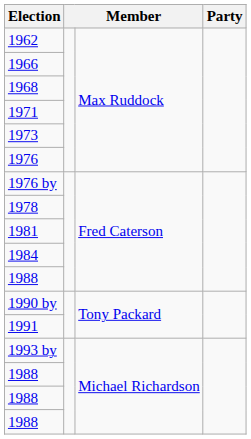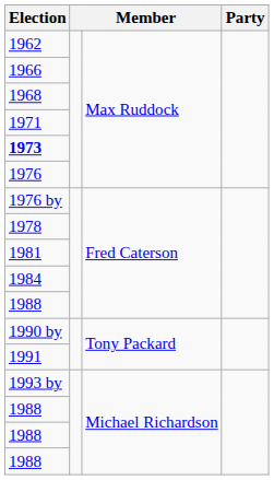 <table class="wikitable">
 <tr>
 <th>Election</th>
 <th colspan="2">Member</th>
 <th>Party</th>
 </tr>
 <tr>
 <td><a href='#'>1962</a></td>
 <td rowspan="6" > </td>
 <td rowspan="6"><a href='#'>Max Ruddock</a></td>
 <td rowspan="6"></td>
 </tr>
 <tr>
 <td><a href='#'>1966</a></td>
 </tr>
 <tr>
 <td><a href='#'>1968</a></td>
 </tr>
 <tr>
 <td><a href='#'>1971</a></td>
 </tr>
 <tr>
-<td><a href='#'>1973</a></td>
+<td><strong><a href='#'>1973</a></strong></td>
 </tr>
 <tr>
 <td><a href='#'>1976</a></td>
 </tr>
 <tr>
 <td><a href='#'>1976 by</a></td>
 <td rowspan="5" > </td>
 <td rowspan="5"><a href='#'>Fred Caterson</a></td>
 <td rowspan="5"></td>
 </tr>
 <tr>
 <td><a href='#'>1978</a></td>
 </tr>
 <tr>
 <td><a href='#'>1981</a></td>
 </tr>
 <tr>
 <td><a href='#'>1984</a></td>
 </tr>
 <tr>
 <td><a href='#'>1988</a></td>
 </tr>
 <tr>
 <td><a href='#'>1990 by</a></td>
 <td rowspan="2" > </td>
 <td rowspan="2"><a href='#'>Tony Packard</a></td>
 <td rowspan="2"></td>
 </tr>
 <tr>
 <td><a href='#'>1991</a></td>
 </tr>
 <tr>
 <td><a href='#'>1993 by</a></td>
 <td rowspan="4" > </td>
 <td rowspan="4"><a href='#'>Michael Richardson</a></td>
 <td rowspan="4"></td>
 </tr>
 <tr>
 <td><a href='#'>1988</a></td>
 </tr>
 <tr>
 <td><a href='#'>1988</a></td>
 </tr>
 <tr>
 <td><a href='#'>1988</a></td>
 </tr>
 </table>
